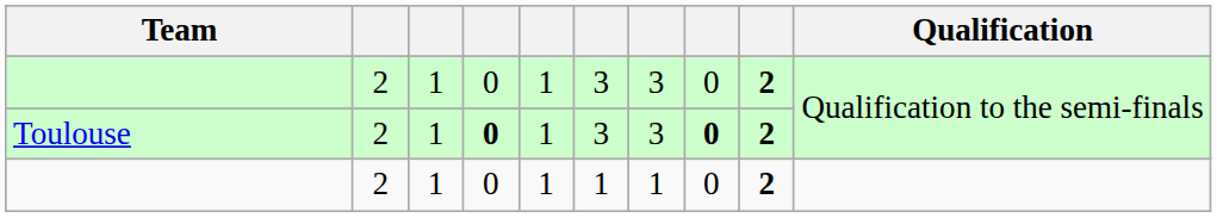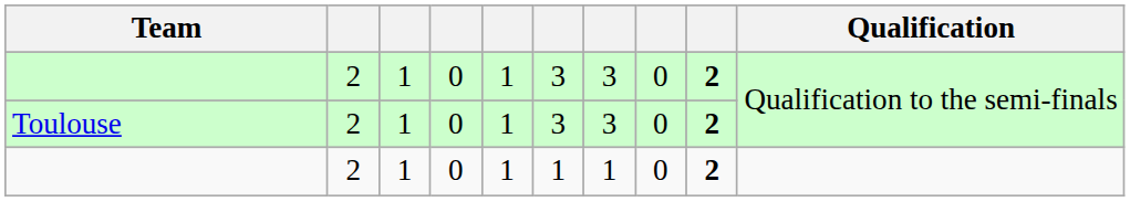 <table class="wikitable" style="text-align:center;">
 <tr>
 <th width=165>Team</th>
 <th width=20></th>
 <th width=20></th>
 <th width=20></th>
 <th width=20></th>
 <th width=20></th>
 <th width=20></th>
 <th width=20></th>
 <th width=20></th>
 <th>Qualification</th>
 </tr>
 <tr style="background:#cfc;">
 <td align="left"></td>
 <td>2</td>
 <td>1</td>
 <td>0</td>
 <td>1</td>
 <td>3</td>
 <td>3</td>
 <td>0</td>
 <td><strong>2</strong></td>
 <td rowspan="2">Qualification to the semi-finals</td>
 </tr>
 <tr style="background:#cfc;">
 <td align="left"> <a href='#'>Toulouse</a></td>
 <td>2</td>
 <td>1</td>
-<td><strong>0</strong></td>
+<td>0</td>
 <td>1</td>
 <td>3</td>
 <td>3</td>
-<td><strong>0</strong></td>
+<td>0</td>
 <td><strong>2</strong></td>
 </tr>
 <tr>
 <td align="left"></td>
 <td>2</td>
 <td>1</td>
 <td>0</td>
 <td>1</td>
 <td>1</td>
 <td>1</td>
 <td>0</td>
 <td><strong>2</strong></td>
 <td></td>
 </tr>
 </table>
